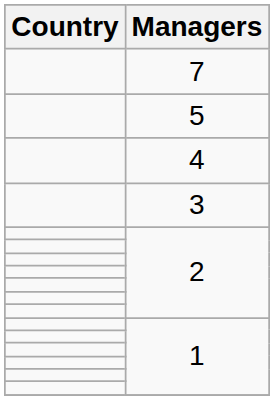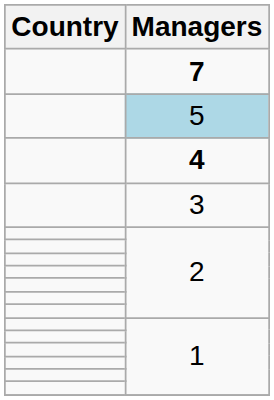 <table class="sortable wikitable" style="text-align: center">
 <tr>
 <th>Country</th>
 <th>Managers</th>
 </tr>
 <tr>
 <td align=left></td>
-<td>7</td>
+<td><strong>7</strong></td>
 </tr>
 <tr>
 <td align=left></td>
-<td>5</td>
+<td style="background: lightblue;">5</td>
 </tr>
 <tr>
 <td align=left></td>
-<td>4</td>
+<td><strong>4</strong></td>
 </tr>
 <tr>
 <td align=left></td>
 <td>3</td>
 </tr>
 <tr>
 <td align=left></td>
 <td rowspan=7>2</td>
 </tr>
 <tr>
 <td align=left></td>
 </tr>
 <tr>
 <td align=left></td>
 </tr>
 <tr>
 <td align=left></td>
 </tr>
 <tr>
 <td align=left></td>
 </tr>
 <tr>
 <td align=left></td>
 </tr>
 <tr>
 <td align=left></td>
 </tr>
 <tr>
 <td align=left></td>
 <td rowspan=6>1</td>
 </tr>
 <tr>
 <td align=left></td>
 </tr>
 <tr>
 <td align=left></td>
 </tr>
 <tr>
 <td align=left></td>
 </tr>
 <tr>
 <td align=left></td>
 </tr>
 <tr>
 <td align=left></td>
 </tr>
 <tr>
 </tr>
 </table>
